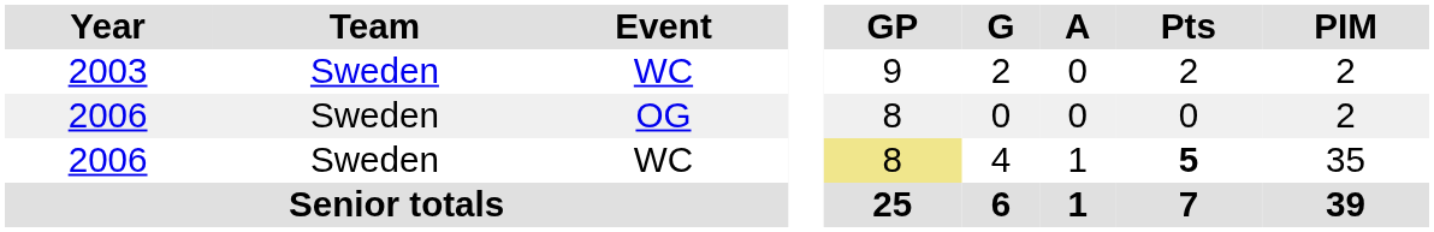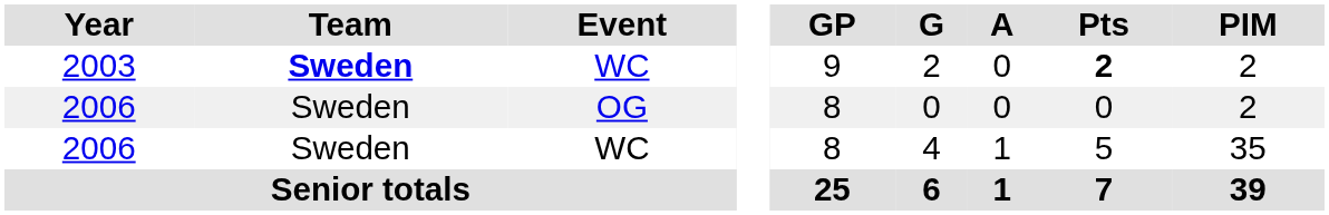 <table border="0" cellpadding="1" cellspacing="0" style="text-align:center; width:40em">
 <tr ALIGN="center" bgcolor="#e0e0e0">
 <th>Year</th>
 <th>Team</th>
 <th>Event</th>
 <th ALIGN="center" rowspan="99" bgcolor="#ffffff"> </th>
 <th>GP</th>
 <th>G</th>
 <th>A</th>
 <th>Pts</th>
 <th>PIM</th>
 </tr>
 <tr>
 <td><a href='#'>2003</a></td>
-<td><a href='#'>Sweden</a></td>
+<td><strong><a href='#'>Sweden</a></strong></td>
 <td><a href='#'>WC</a></td>
 <td>9</td>
 <td>2</td>
 <td>0</td>
-<td>2</td>
+<td><strong>2</strong></td>
 <td>2</td>
 </tr>
 <tr bgcolor="#f0f0f0">
 <td><a href='#'>2006</a></td>
 <td>Sweden</td>
 <td><a href='#'>OG</a></td>
 <td>8</td>
 <td>0</td>
 <td>0</td>
 <td>0</td>
 <td>2</td>
 </tr>
 <tr>
 <td><a href='#'>2006</a></td>
 <td>Sweden</td>
 <td>WC</td>
-<td style="background: khaki;">8</td>
+<td>8</td>
 <td>4</td>
 <td>1</td>
-<td><strong>5</strong></td>
+<td>5</td>
 <td>35</td>
 </tr>
 <tr bgcolor="#e0e0e0">
 <th colspan=3>Senior totals</th>
 <th>25</th>
 <th>6</th>
 <th>1</th>
 <th>7</th>
 <th>39</th>
 </tr>
 </table>
